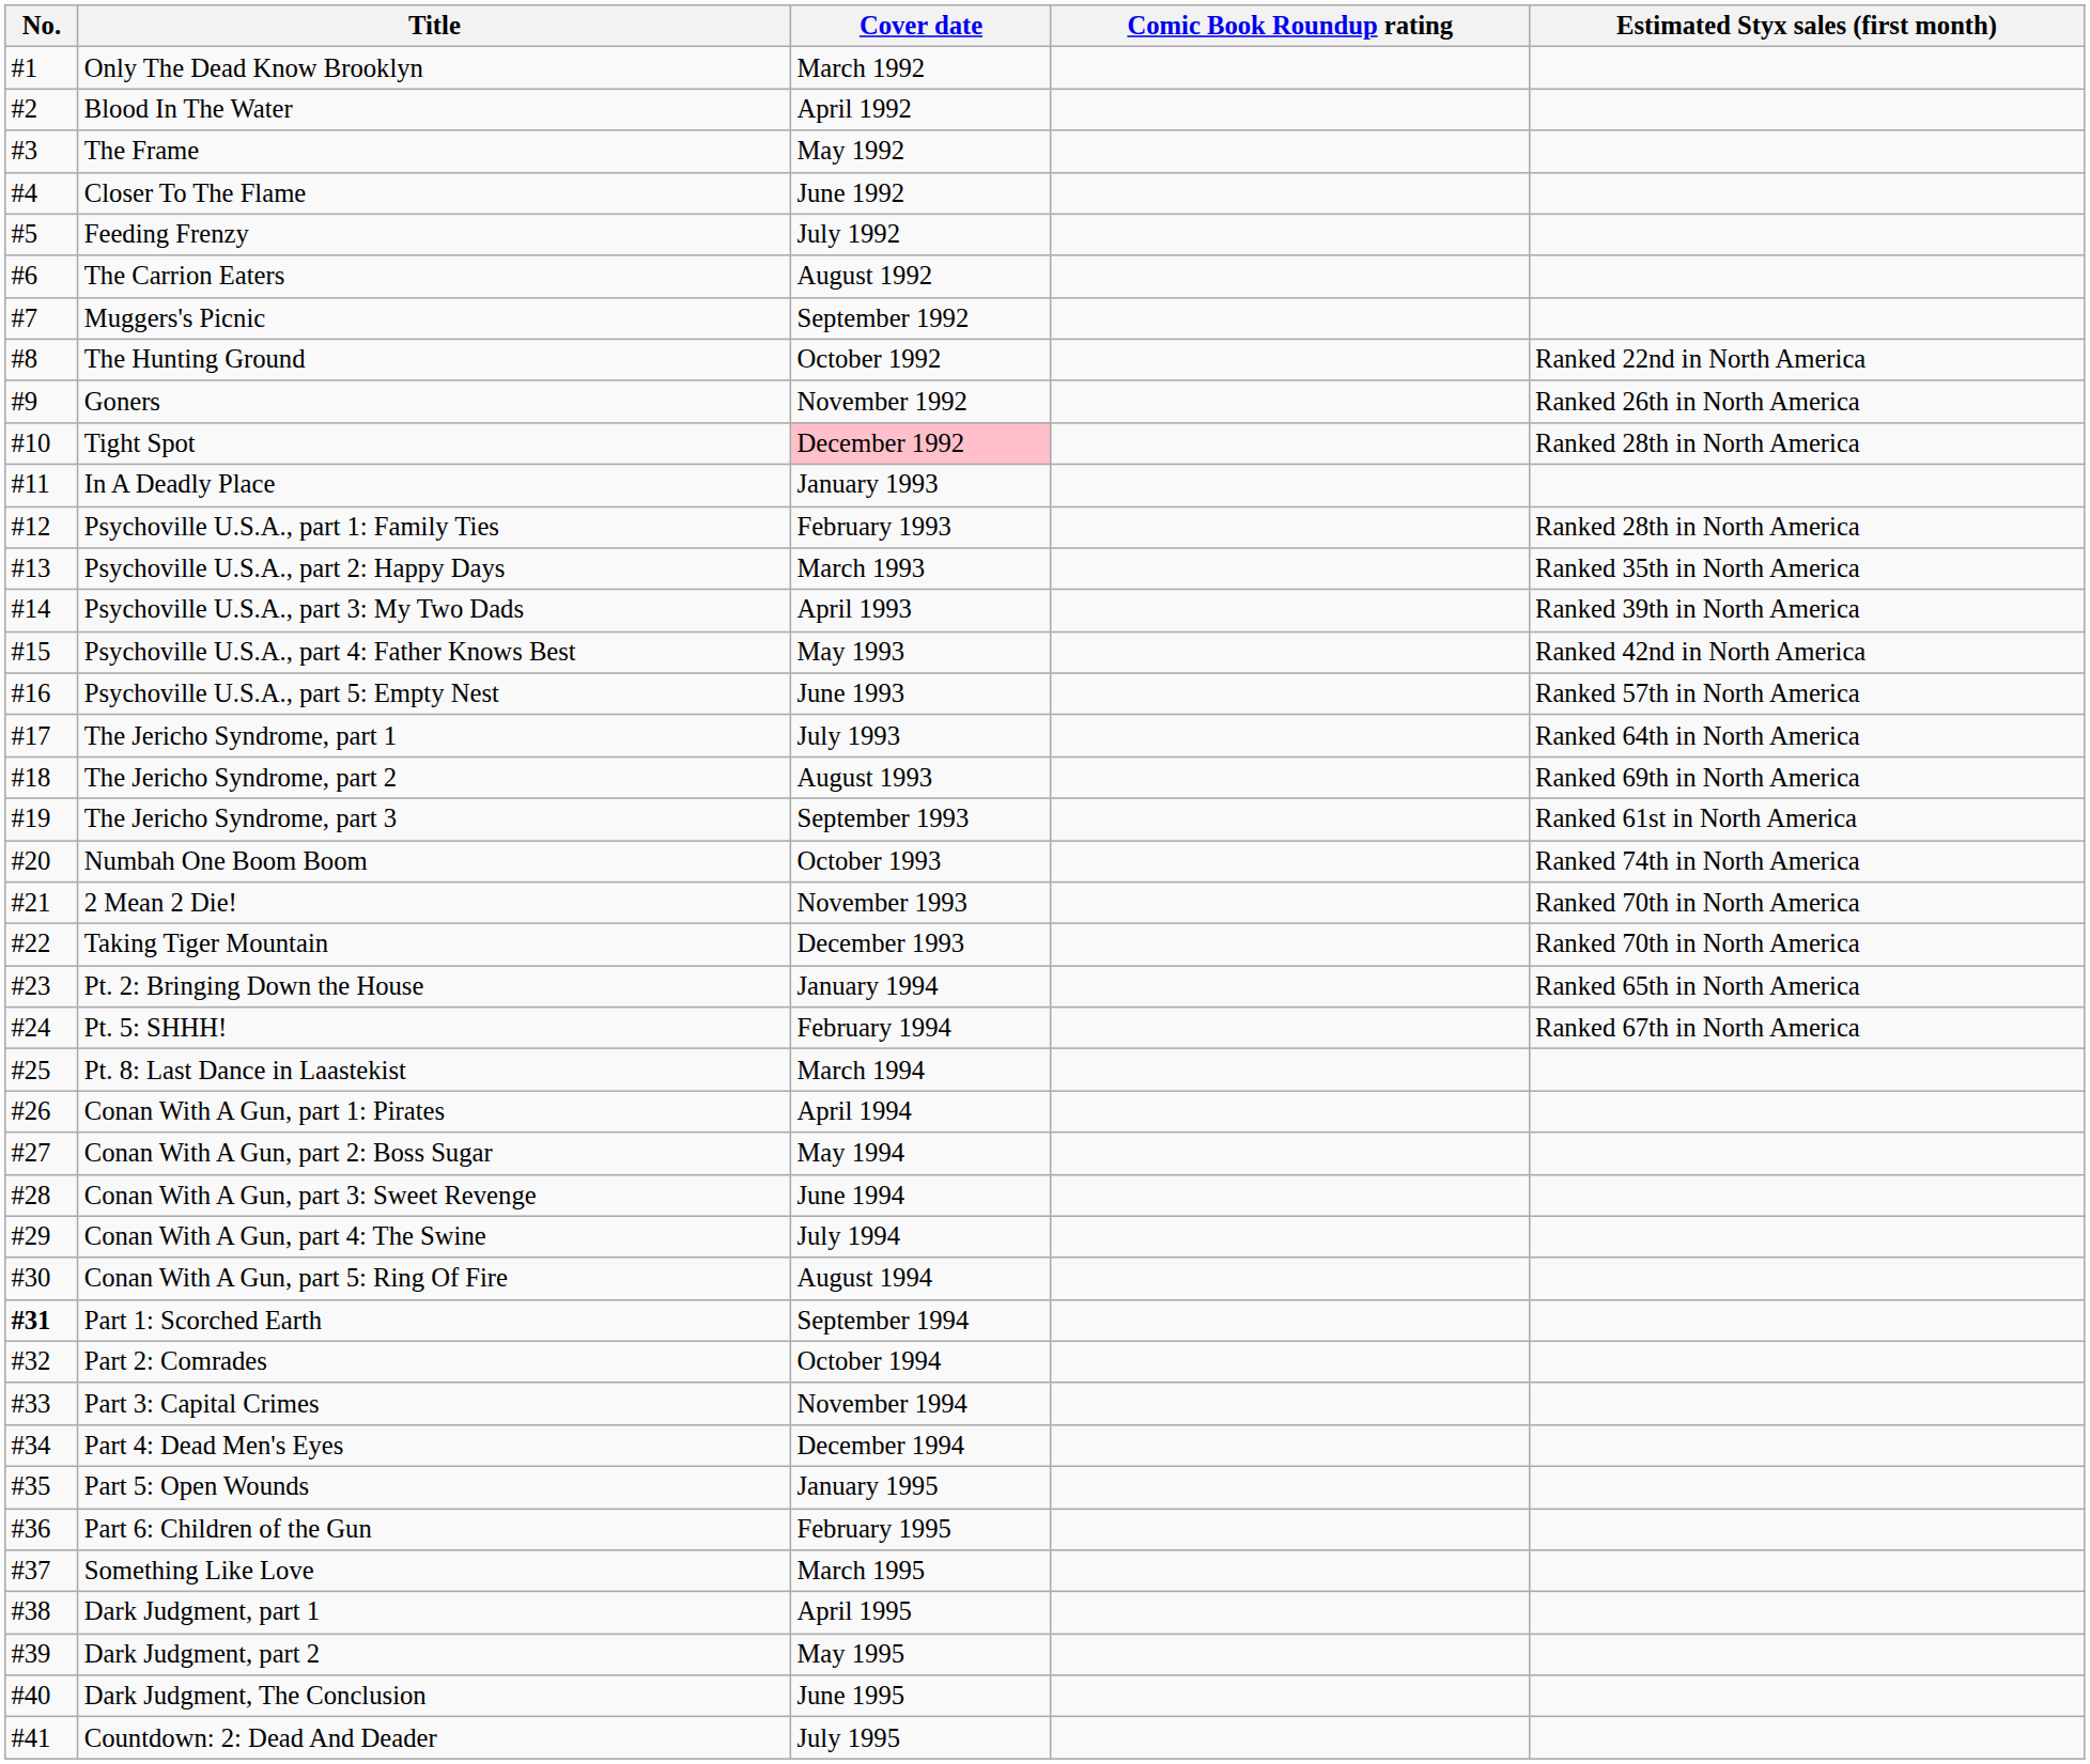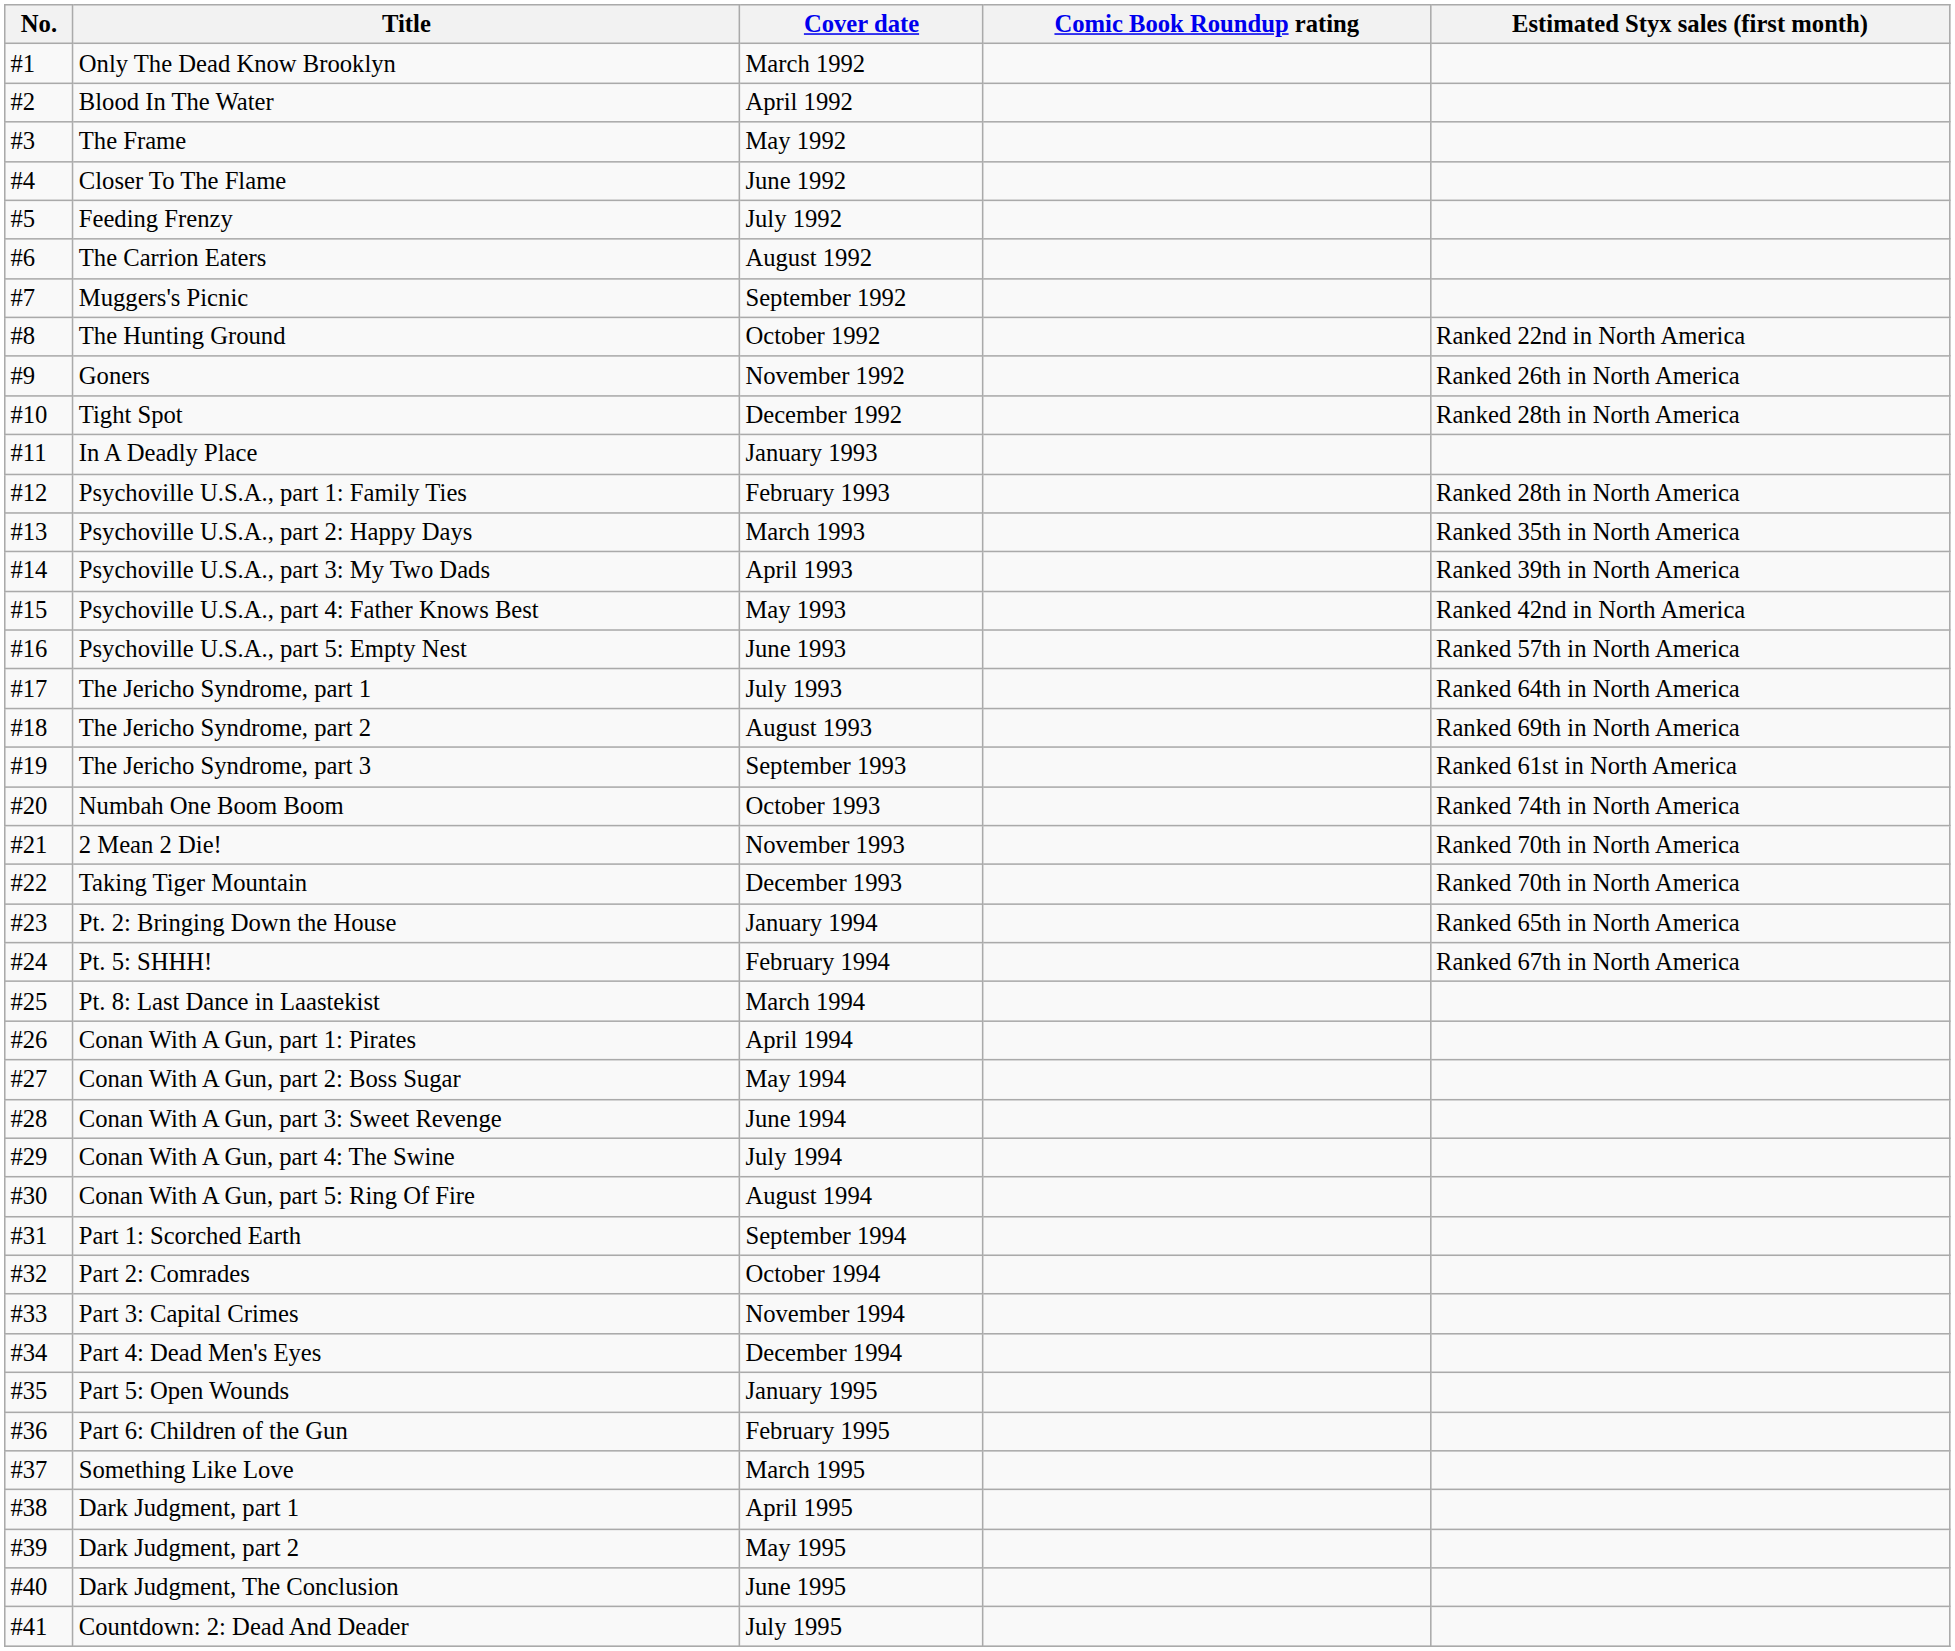 <table class="wikitable" width=100%>
 <tr>
 <th>No.</th>
 <th>Title</th>
 <th><a href='#'>Cover date</a></th>
 <th><a href='#'>Comic Book Roundup</a> rating</th>
 <th>Estimated Styx sales (first month)</th>
 </tr>
 <tr>
 <td>#1</td>
 <td>Only The Dead Know Brooklyn</td>
 <td>March 1992</td>
 <td></td>
 <td></td>
 </tr>
 <tr>
 <td>#2</td>
 <td>Blood In The Water</td>
 <td>April 1992</td>
 <td></td>
 <td></td>
 </tr>
 <tr>
 <td>#3</td>
 <td>The Frame</td>
 <td>May 1992</td>
 <td></td>
 <td></td>
 </tr>
 <tr>
 <td>#4</td>
 <td>Closer To The Flame</td>
 <td>June 1992</td>
 <td></td>
 <td></td>
 </tr>
 <tr>
 <td>#5</td>
 <td>Feeding Frenzy</td>
 <td>July 1992</td>
 <td></td>
 <td></td>
 </tr>
 <tr>
 <td>#6</td>
 <td>The Carrion Eaters</td>
 <td>August 1992</td>
 <td></td>
 <td></td>
 </tr>
 <tr>
 <td>#7</td>
 <td>Muggers's Picnic</td>
 <td>September 1992</td>
 <td></td>
 <td></td>
 </tr>
 <tr>
 <td>#8</td>
 <td>The Hunting Ground</td>
 <td>October 1992</td>
 <td></td>
 <td>Ranked 22nd in North America</td>
 </tr>
 <tr>
 <td>#9</td>
 <td>Goners</td>
 <td>November 1992</td>
 <td></td>
 <td>Ranked 26th in North America</td>
 </tr>
 <tr>
 <td>#10</td>
 <td>Tight Spot</td>
-<td style="background: pink;">December 1992</td>
+<td>December 1992</td>
 <td></td>
 <td>Ranked 28th in North America</td>
 </tr>
 <tr>
 <td>#11</td>
 <td>In A Deadly Place</td>
 <td>January 1993</td>
 <td></td>
 <td></td>
 </tr>
 <tr>
 <td>#12</td>
 <td>Psychoville U.S.A., part 1: Family Ties</td>
 <td>February 1993</td>
 <td></td>
 <td>Ranked 28th in North America</td>
 </tr>
 <tr>
 <td>#13</td>
 <td>Psychoville U.S.A., part 2: Happy Days</td>
 <td>March 1993</td>
 <td></td>
 <td>Ranked 35th in North America</td>
 </tr>
 <tr>
 <td>#14</td>
 <td>Psychoville U.S.A., part 3: My Two Dads</td>
 <td>April 1993</td>
 <td></td>
 <td>Ranked 39th in North America</td>
 </tr>
 <tr>
 <td>#15</td>
 <td>Psychoville U.S.A., part 4: Father Knows Best</td>
 <td>May 1993</td>
 <td></td>
 <td>Ranked 42nd in North America</td>
 </tr>
 <tr>
 <td>#16</td>
 <td>Psychoville U.S.A., part 5: Empty Nest</td>
 <td>June 1993</td>
 <td></td>
 <td>Ranked 57th in North America</td>
 </tr>
 <tr>
 <td>#17</td>
 <td>The Jericho Syndrome, part 1</td>
 <td>July 1993</td>
 <td></td>
 <td>Ranked 64th in North America</td>
 </tr>
 <tr>
 <td>#18</td>
 <td>The Jericho Syndrome, part 2</td>
 <td>August 1993</td>
 <td></td>
 <td>Ranked 69th in North America</td>
 </tr>
 <tr>
 <td>#19</td>
 <td>The Jericho Syndrome, part 3</td>
 <td>September 1993</td>
 <td></td>
 <td>Ranked 61st in North America</td>
 </tr>
 <tr>
 <td>#20</td>
 <td>Numbah One Boom Boom</td>
 <td>October 1993</td>
 <td></td>
 <td>Ranked 74th in North America</td>
 </tr>
 <tr>
 <td>#21</td>
 <td>2 Mean 2 Die!</td>
 <td>November 1993</td>
 <td></td>
 <td>Ranked 70th in North America</td>
 </tr>
 <tr>
 <td>#22</td>
 <td>Taking Tiger Mountain</td>
 <td>December 1993</td>
 <td></td>
 <td>Ranked 70th in North America</td>
 </tr>
 <tr>
 <td>#23</td>
 <td>Pt. 2: Bringing Down the House</td>
 <td>January 1994</td>
 <td></td>
 <td>Ranked 65th in North America</td>
 </tr>
 <tr>
 <td>#24</td>
 <td>Pt. 5: SHHH!</td>
 <td>February 1994</td>
 <td></td>
 <td>Ranked 67th in North America</td>
 </tr>
 <tr>
 <td>#25</td>
 <td>Pt. 8: Last Dance in Laastekist</td>
 <td>March 1994</td>
 <td></td>
 <td></td>
 </tr>
 <tr>
 <td>#26</td>
 <td>Conan With A Gun, part 1: Pirates</td>
 <td>April 1994</td>
 <td></td>
 <td></td>
 </tr>
 <tr>
 <td>#27</td>
 <td>Conan With A Gun, part 2: Boss Sugar</td>
 <td>May 1994</td>
 <td></td>
 <td></td>
 </tr>
 <tr>
 <td>#28</td>
 <td>Conan With A Gun, part 3: Sweet Revenge</td>
 <td>June 1994</td>
 <td></td>
 <td></td>
 </tr>
 <tr>
 <td>#29</td>
 <td>Conan With A Gun, part 4: The Swine</td>
 <td>July 1994</td>
 <td></td>
 <td></td>
 </tr>
 <tr>
 <td>#30</td>
 <td>Conan With A Gun, part 5: Ring Of Fire</td>
 <td>August 1994</td>
 <td></td>
 <td></td>
 </tr>
 <tr>
-<td><strong>#31</strong></td>
+<td>#31</td>
 <td>Part 1: Scorched Earth</td>
 <td>September 1994</td>
 <td></td>
 <td></td>
 </tr>
 <tr>
 <td>#32</td>
 <td>Part 2: Comrades</td>
 <td>October 1994</td>
 <td></td>
 <td></td>
 </tr>
 <tr>
 <td>#33</td>
 <td>Part 3: Capital Crimes</td>
 <td>November 1994</td>
 <td></td>
 <td></td>
 </tr>
 <tr>
 <td>#34</td>
 <td>Part 4: Dead Men's Eyes</td>
 <td>December 1994</td>
 <td></td>
 <td></td>
 </tr>
 <tr>
 <td>#35</td>
 <td>Part 5: Open Wounds</td>
 <td>January 1995</td>
 <td></td>
 <td></td>
 </tr>
 <tr>
 <td>#36</td>
 <td>Part 6: Children of the Gun</td>
 <td>February 1995</td>
 <td></td>
 <td></td>
 </tr>
 <tr>
 <td>#37</td>
 <td>Something Like Love</td>
 <td>March 1995</td>
 <td></td>
 <td></td>
 </tr>
 <tr>
 <td>#38</td>
 <td>Dark Judgment, part 1</td>
 <td>April 1995</td>
 <td></td>
 <td></td>
 </tr>
 <tr>
 <td>#39</td>
 <td>Dark Judgment, part 2</td>
 <td>May 1995</td>
 <td></td>
 <td></td>
 </tr>
 <tr>
 <td>#40</td>
 <td>Dark Judgment, The Conclusion</td>
 <td>June 1995</td>
 <td></td>
 <td></td>
 </tr>
 <tr>
 <td>#41</td>
 <td>Countdown: 2: Dead And Deader</td>
 <td>July 1995</td>
 <td></td>
 <td></td>
 </tr>
 <tr>
 </tr>
 </table>
